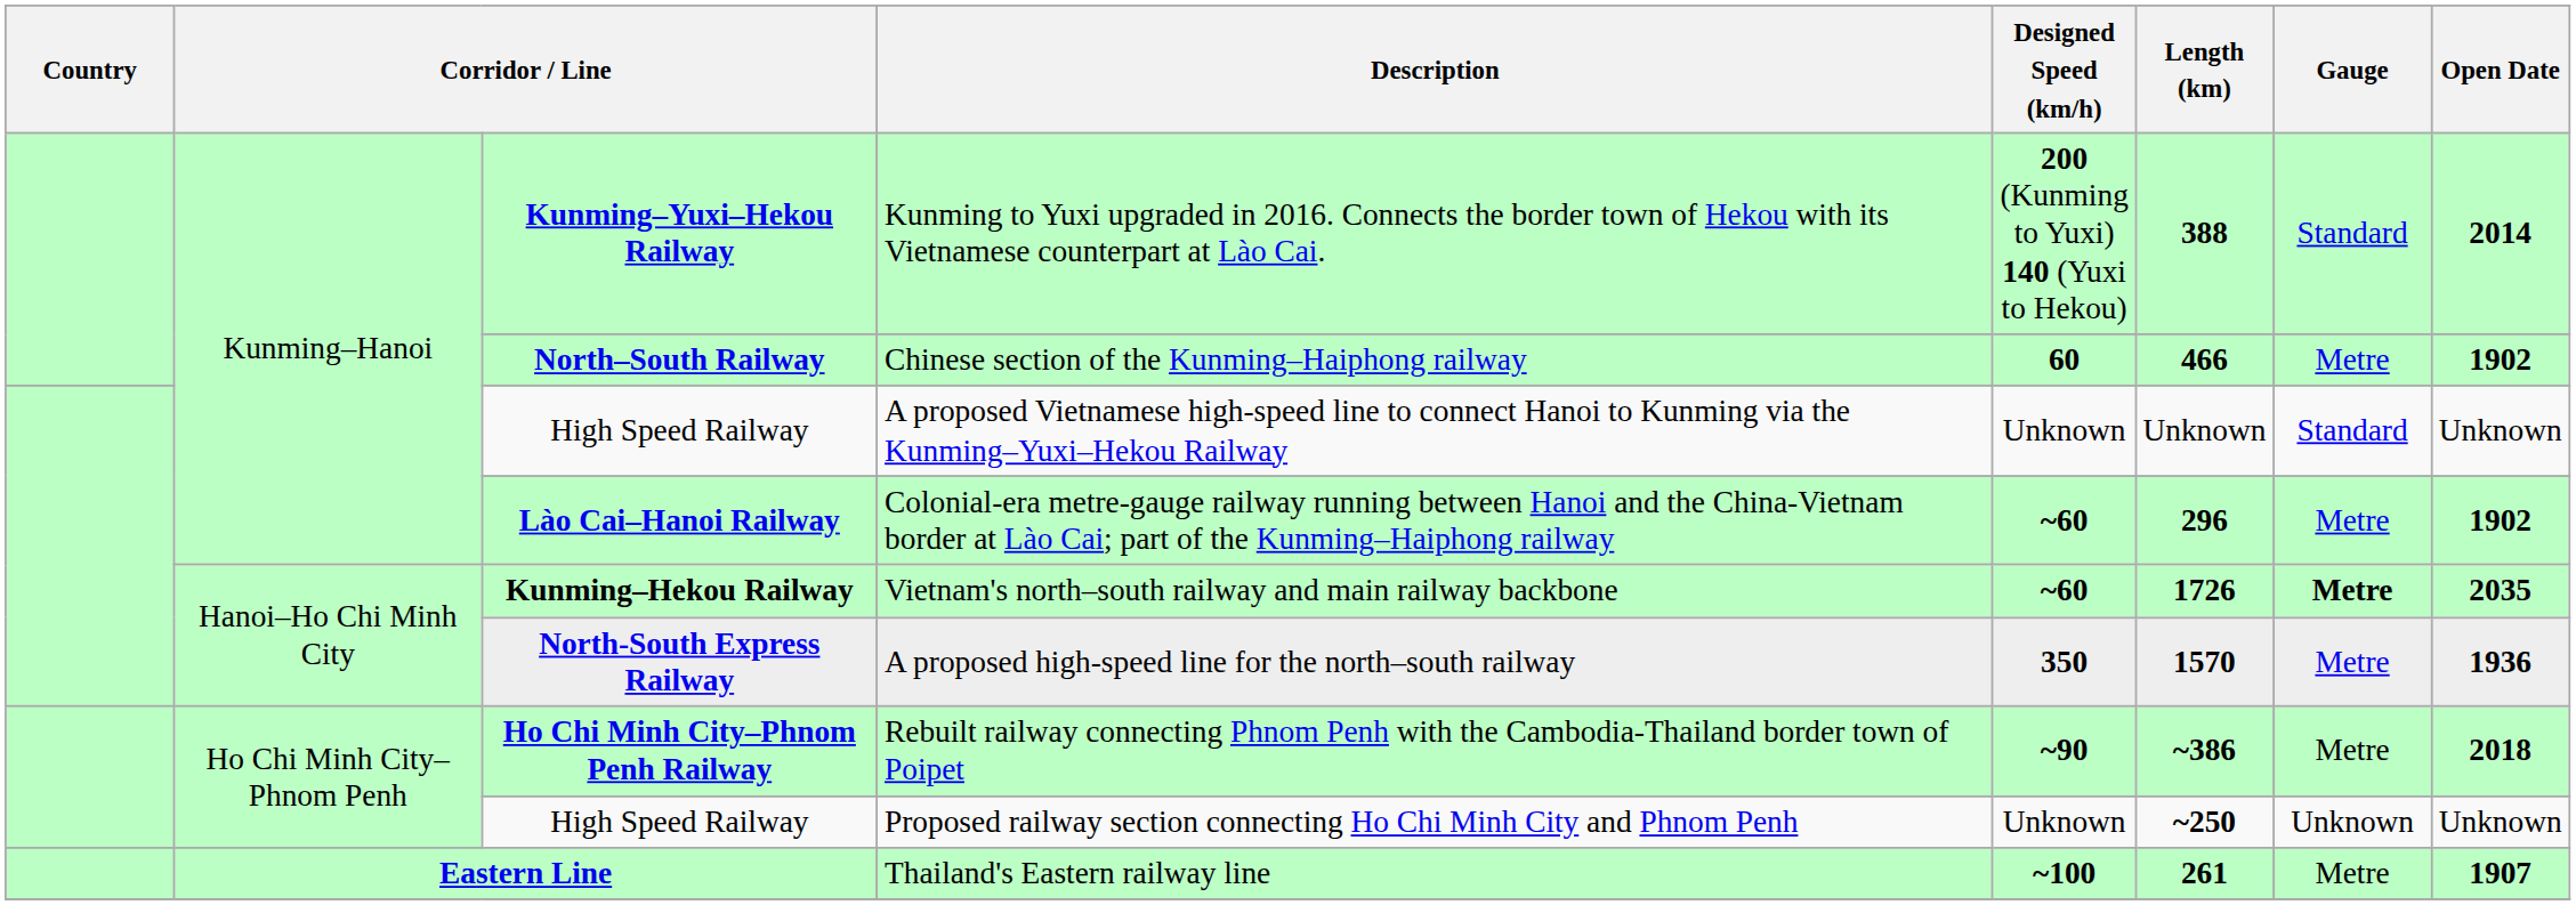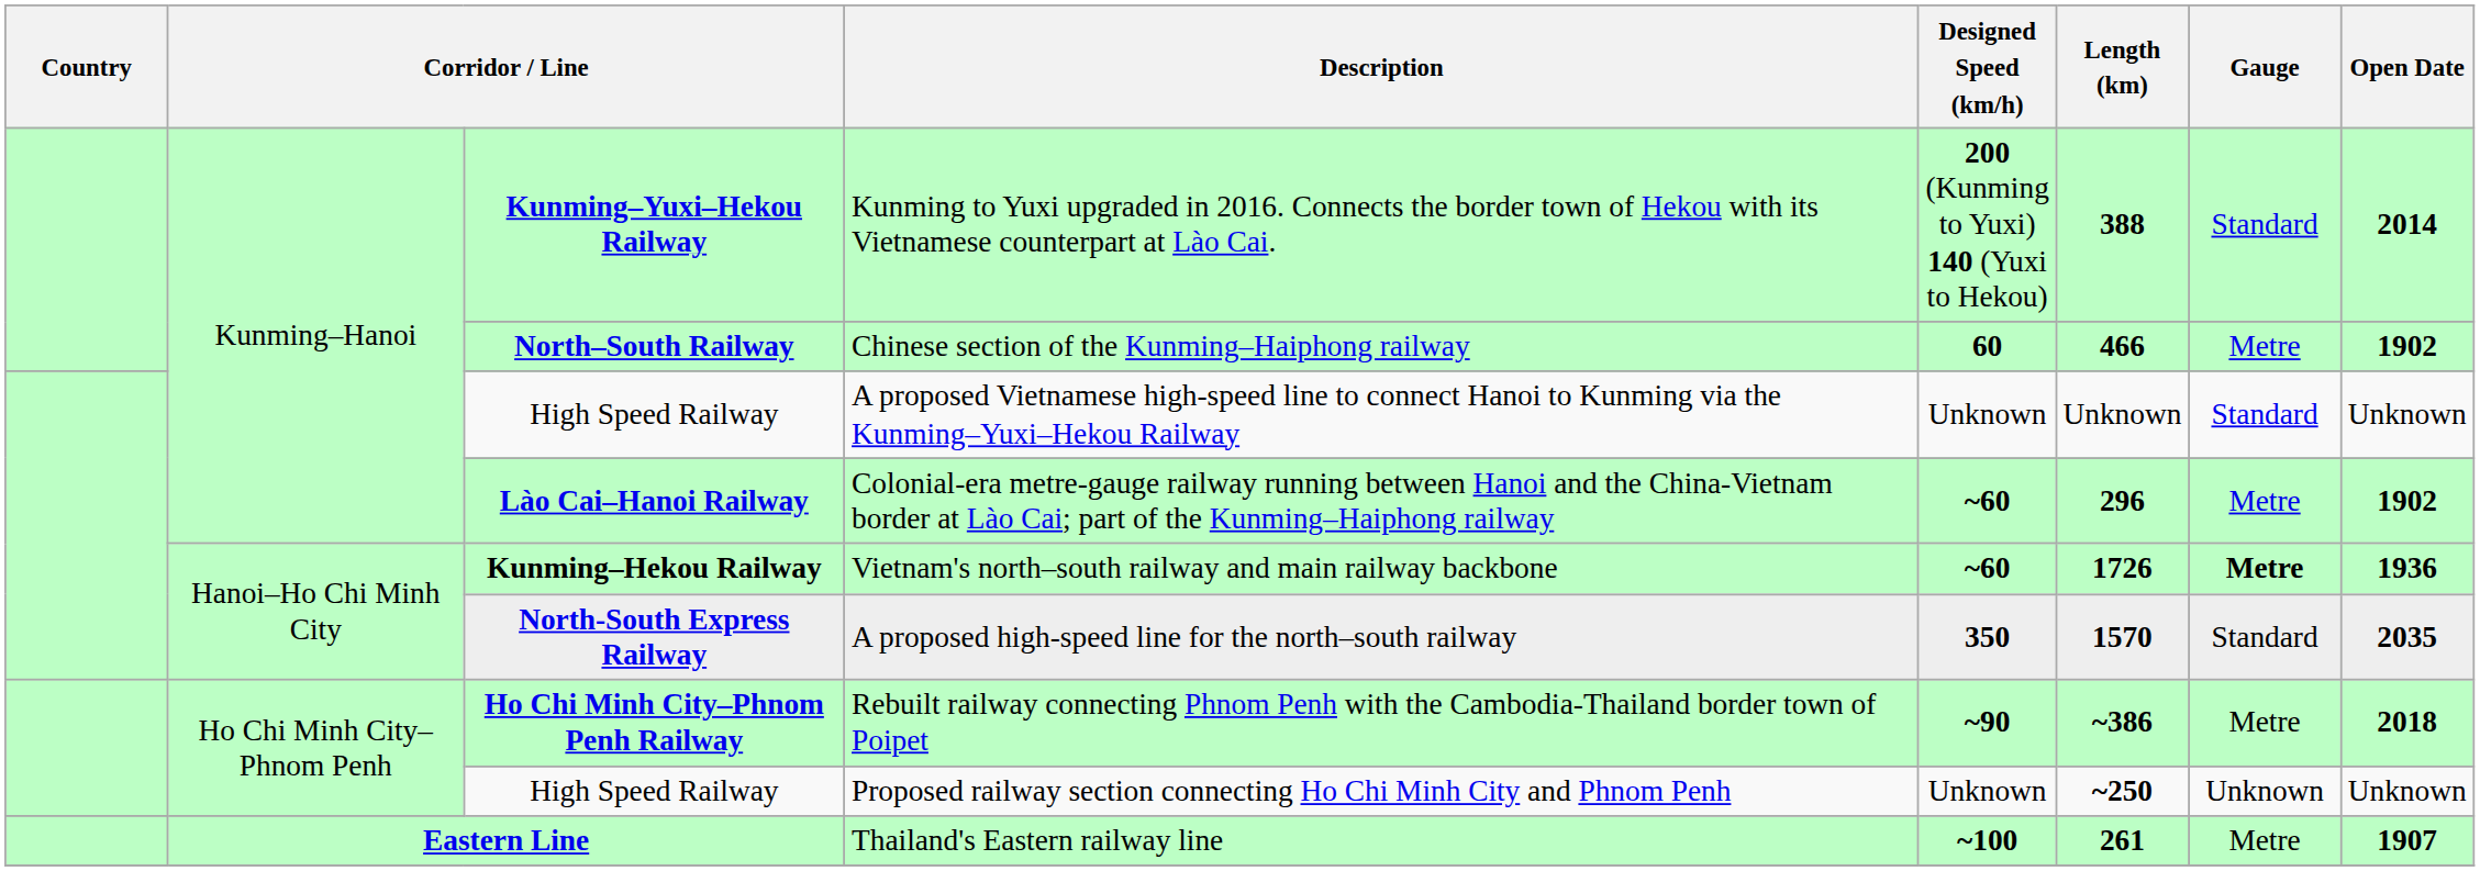 <table class="wikitable collapsible" style="text-align:center; font-size:95%; line-height:1.2">
 <tr>
 <th style="width:75px"><small><strong>Country</strong></small></th>
 <th style="width:145px" colspan=2><small><strong>Corridor / Line</strong></small></th>
 <th><small><strong>Description</strong></small></th>
 <th style="width:40px"><small><strong>Designed<br>Speed<br>(km/h)</strong><br></small></th>
 <th style="width:45px"><small><strong>Length<br>(km)</strong><br></small></th>
 <th style="width:70px"><small><strong>Gauge</strong></small></th>
 <th style="width:45px"><small><strong>Open Date</strong><br></small></th>
 </tr>
 <tr style="background:#bcffc5;">
 <td rowspan=2></td>
 <td rowspan="4">Kunming–Hanoi</td>
 <td><strong><a href='#'>Kunming–Yuxi–Hekou Railway</a></strong></td>
 <td style="text-align:left">Kunming to Yuxi upgraded in 2016. Connects the border town of <a href='#'>Hekou</a> with its Vietnamese counterpart at <a href='#'>Lào Cai</a>.</td>
 <td><strong>200</strong> (Kunming to Yuxi)<br><strong>140</strong> (Yuxi to Hekou)</td>
 <td><strong>388</strong></td>
 <td><a href='#'>Standard</a></td>
 <td><strong>2014</strong></td>
 </tr>
 <tr style="background:#bcffc5;">
 <td><strong><a href='#'>North–South Railway</a></strong></td>
 <td style="text-align:left">Chinese section of the <a href='#'>Kunming–Haiphong railway</a></td>
 <td><strong>60</strong></td>
 <td><strong>466</strong></td>
 <td><a href='#'>Metre</a></td>
 <td><strong>1902</strong></td>
 </tr>
 <tr>
 <td rowspan="4" style="background:#bcffc5;"></td>
 <td>High Speed Railway</td>
 <td align=left>A proposed Vietnamese high-speed line to connect Hanoi to Kunming via the <a href='#'>Kunming–Yuxi–Hekou Railway</a></td>
 <td>Unknown</td>
 <td>Unknown</td>
 <td><a href='#'>Standard</a></td>
 <td>Unknown</td>
 </tr>
 <tr style="background:#bcffc5;">
 <td><strong><a href='#'>Lào Cai–Hanoi Railway</a></strong></td>
 <td style="text-align:left">Colonial-era metre-gauge railway running between <a href='#'>Hanoi</a> and the China-Vietnam border at <a href='#'>Lào Cai</a>; part of the <a href='#'>Kunming–Haiphong railway</a></td>
 <td><strong>~60</strong></td>
 <td><strong>296</strong></td>
 <td><a href='#'>Metre</a></td>
 <td><strong>1902</strong></td>
 </tr>
 <tr style="background:#bcffc5;">
 <td rowspan="2">Hanoi–Ho Chi Minh City</td>
 <td><strong>Kunming–Hekou Railway</strong></td>
 <td style="text-align:left">Vietnam's north–south railway and main railway backbone</td>
 <td><strong>~60</strong></td>
 <td><strong>1726</strong></td>
 <td><strong>Metre</strong></td>
-<td><strong>2035</strong></td>
+<td><strong>1936</strong></td>
 </tr>
 <tr style="background:#eee;">
 <td><strong><a href='#'>North-South Express Railway</a></strong></td>
 <td style="text-align:left">A proposed high-speed line for the north–south railway</td>
 <td><strong>350</strong></td>
 <td><strong>1570</strong></td>
-<td><a href='#'>Metre</a></td>
-<td><strong>1936</strong></td>
+<td>Standard</td>
+<td><strong>2035</strong></td>
 </tr>
 <tr style="background:#bcffc5;">
 <td rowspan="2"></td>
 <td rowspan="2">Ho Chi Minh City–Phnom Penh</td>
 <td><strong><a href='#'>Ho Chi Minh City–Phnom Penh Railway</a></strong></td>
 <td align=left>Rebuilt railway connecting <a href='#'>Phnom Penh</a> with the Cambodia-Thailand border town of <a href='#'>Poipet</a></td>
 <td><strong>~90</strong></td>
 <td><strong>~386</strong></td>
 <td>Metre</td>
 <td><strong>2018</strong></td>
 </tr>
 <tr>
 <td>High Speed Railway</td>
 <td style="text-align:left">Proposed railway section connecting <a href='#'>Ho Chi Minh City</a> and <a href='#'>Phnom Penh</a></td>
 <td>Unknown</td>
 <td><strong>~250</strong></td>
 <td>Unknown</td>
 <td>Unknown</td>
 </tr>
 <tr style="background:#bcffc5;">
 <td></td>
 <td colspan="2"><strong><a href='#'>Eastern Line</a></strong></td>
 <td style="text-align:left">Thailand's Eastern railway line</td>
 <td><strong>~100</strong></td>
 <td><strong>261</strong></td>
 <td>Metre</td>
 <td><strong>1907</strong></td>
 </tr>
 <tr>
 </tr>
 </table>
